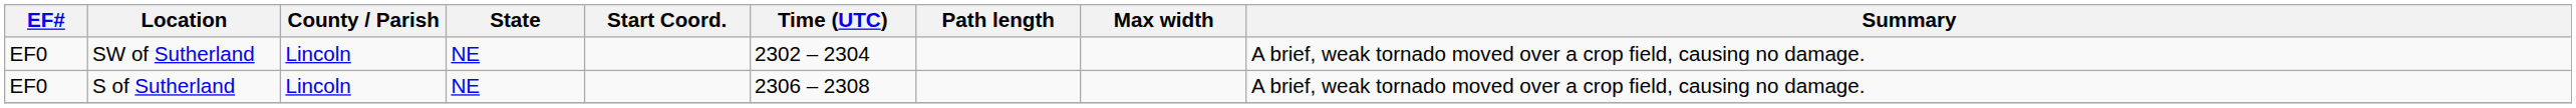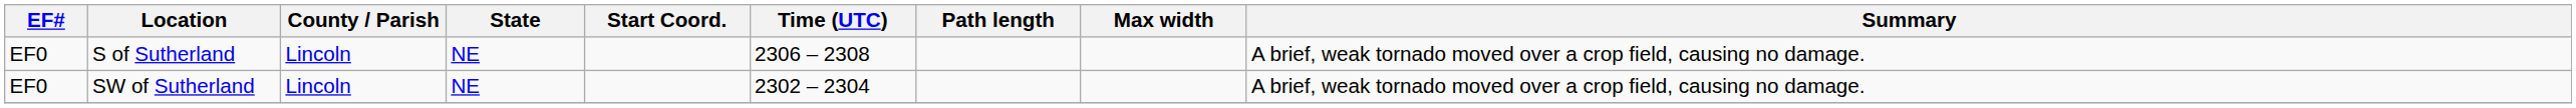 <table class="wikitable sortable" style="width:100%;">
 <tr>
 <th scope="col"  style="width:3%; text-align:center;"><a href='#'>EF#</a></th>
 <th scope="col"  style="width:7%; text-align:center;" class="unsortable">Location</th>
 <th scope="col"  style="width:6%; text-align:center;" class="unsortable">County / Parish</th>
 <th scope="col"  style="width:5%; text-align:center;">State</th>
 <th scope="col"  style="width:6%; text-align:center;">Start Coord.</th>
 <th scope="col"  style="width:6%; text-align:center;">Time (<a href='#'>UTC</a>)</th>
 <th scope="col"  style="width:6%; text-align:center;">Path length</th>
 <th scope="col"  style="width:6%; text-align:center;">Max width</th>
 <th scope="col" class="unsortable" style="width:48%; text-align:center;">Summary</th>
 </tr>
 <tr>
 <td>EF0</td>
+<td>S of <a href='#'>Sutherland</a></td>
+<td><a href='#'>Lincoln</a></td>
+<td><a href='#'>NE</a></td>
+<td></td>
+<td>2306 – 2308</td>
+<td></td>
+<td></td>
+<td>A brief, weak tornado moved over a crop field, causing no damage.</td>
+</tr>
+<tr>
+<td>EF0</td>
 <td>SW of <a href='#'>Sutherland</a></td>
 <td><a href='#'>Lincoln</a></td>
 <td><a href='#'>NE</a></td>
 <td></td>
 <td>2302 – 2304</td>
 <td></td>
 <td></td>
 <td>A brief, weak tornado moved over a crop field, causing no damage.</td>
 </tr>
 <tr>
-<td>EF0</td>
-<td>S of <a href='#'>Sutherland</a></td>
-<td><a href='#'>Lincoln</a></td>
-<td><a href='#'>NE</a></td>
-<td></td>
-<td>2306 – 2308</td>
-<td></td>
-<td></td>
-<td>A brief, weak tornado moved over a crop field, causing no damage.</td>
-</tr>
-<tr>
 </tr>
 </table>
